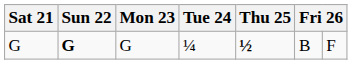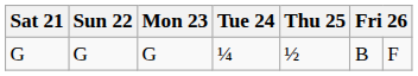 <table class="wikitable olympic-schedule handball">
 <tr>
 <th>Sat 21</th>
 <th>Sun 22</th>
 <th>Mon 23</th>
 <th>Tue 24</th>
 <th>Thu 25</th>
 <th colspan="2">Fri 26</th>
 </tr>
 <tr>
 <td class="team-group">G</td>
-<td class="team-group"><strong>G</strong></td>
+<td class="team-group">G</td>
 <td class="team-group">G</td>
 <td class="team-qf">¼</td>
-<td class="team-sf"><strong>½</strong></td>
+<td class="team-sf">½</td>
 <td class="team-bronze">B</td>
 <td class="team-final">F</td>
 </tr>
 </table>
